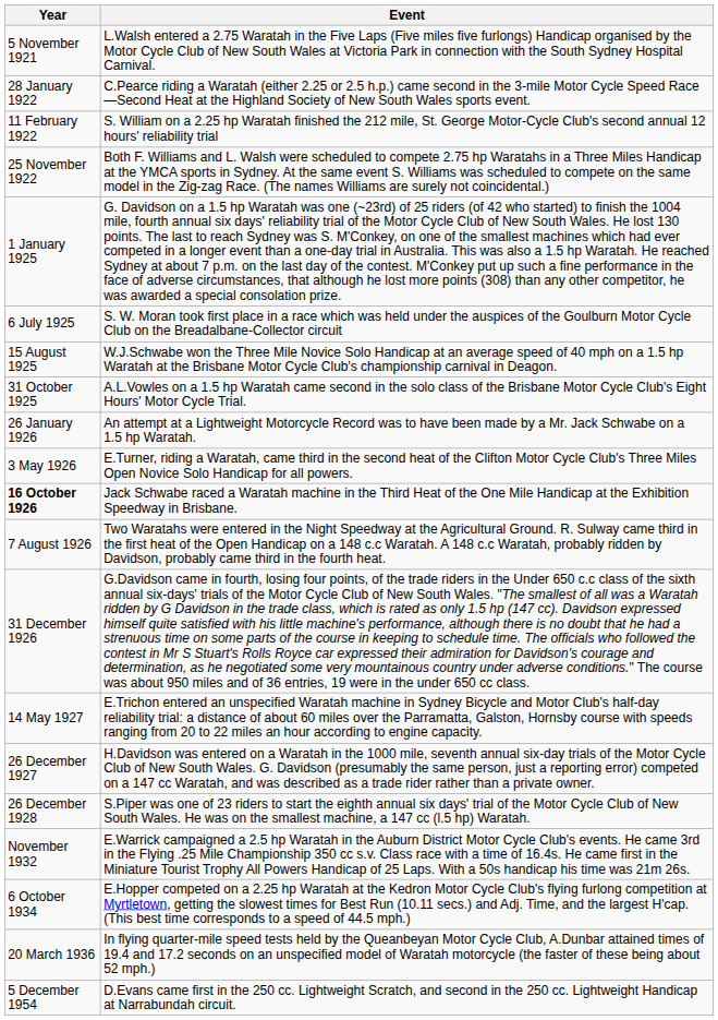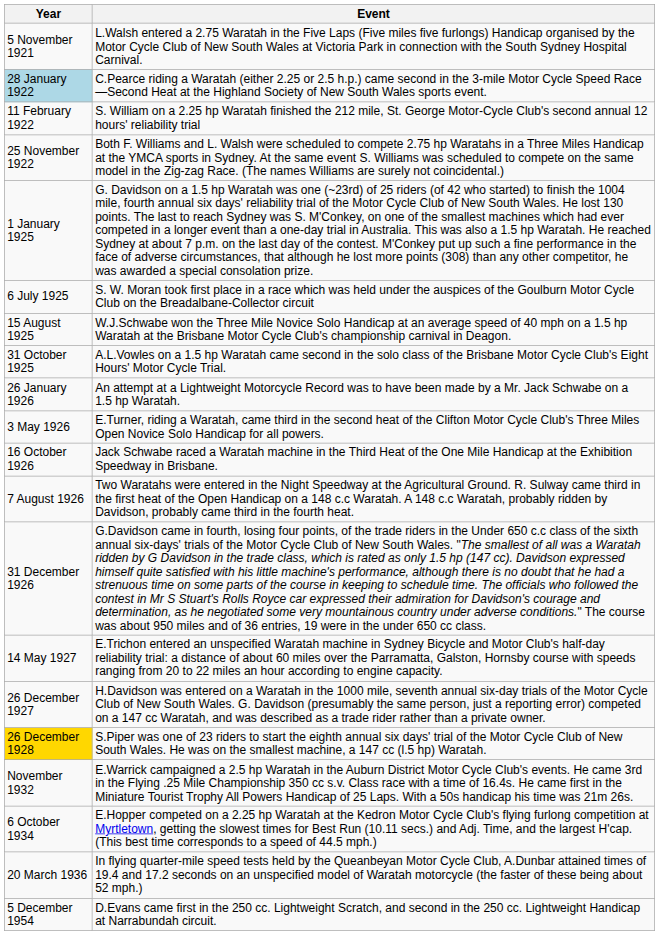 <table class="wikitable" border="1">
 <tr>
 <th scope="col" width="110">Year</th>
 <th>Event</th>
 </tr>
 <tr>
 <td>5 November 1921</td>
 <td>L.Walsh entered a 2.75 Waratah in the Five Laps (Five miles five furlongs) Handicap organised by the Motor Cycle Club of New South Wales at Victoria Park in connection with the South Sydney Hospital Carnival.</td>
 </tr>
 <tr>
-<td>28 January 1922</td>
+<td style="background: lightblue;">28 January 1922</td>
 <td>C.Pearce riding a Waratah (either 2.25 or 2.5 h.p.) came second in the 3-mile Motor Cycle Speed Race—Second Heat at the Highland Society of New South Wales sports event.</td>
 </tr>
 <tr>
 <td>11 February 1922</td>
 <td>S. William on a 2.25 hp Waratah finished the 212 mile, St. George Motor-Cycle Club's second annual 12 hours' reliability trial</td>
 </tr>
 <tr>
 <td>25 November 1922</td>
 <td>Both F. Williams and L. Walsh were scheduled to compete 2.75 hp Waratahs in a Three Miles Handicap at the YMCA sports in Sydney. At the same event S. Williams was scheduled to compete on the same model in the Zig-zag Race. (The names Williams are surely not coincidental.)</td>
 </tr>
 <tr>
 <td>1 January 1925</td>
 <td>G. Davidson on a 1.5 hp Waratah was one (~23rd) of 25 riders (of 42 who started) to finish the 1004 mile, fourth annual six days' reliability trial of the Motor Cycle Club of New South Wales. He lost 130 points. The last to reach Sydney was S. M'Conkey, on one of the smallest machines which had ever competed in a longer event than a one-day trial in Australia. This was also a 1.5 hp Waratah. He reached Sydney at about 7 p.m. on the last day of the contest. M'Conkey put up such a fine performance in the face of adverse circumstances, that although he lost more points (308) than any other competitor, he was awarded a special consolation prize.</td>
 </tr>
 <tr>
 <td>6 July 1925</td>
 <td>S. W. Moran took first place in a race which was held under the auspices of the Goulburn Motor Cycle Club on the Breadalbane-Collector circuit</td>
 </tr>
 <tr>
 <td>15 August 1925</td>
 <td>W.J.Schwabe won the Three Mile Novice Solo Handicap at an average speed of 40 mph on a 1.5 hp Waratah at the Brisbane Motor Cycle Club's championship carnival in Deagon.</td>
 </tr>
 <tr>
 <td>31 October 1925</td>
 <td>A.L.Vowles on a 1.5 hp Waratah came second in the solo class of the Brisbane Motor Cycle Club's Eight Hours' Motor Cycle Trial.</td>
 </tr>
 <tr>
 <td>26 January 1926</td>
 <td>An attempt at a Lightweight Motorcycle Record was to have been made by a Mr. Jack Schwabe on a 1.5 hp Waratah.</td>
 </tr>
 <tr>
 <td>3 May 1926</td>
 <td>E.Turner, riding a Waratah, came third in the second heat of the Clifton Motor Cycle Club's Three Miles Open Novice Solo Handicap for all powers.</td>
 </tr>
 <tr>
-<td><strong>16 October 1926</strong></td>
+<td>16 October 1926</td>
 <td>Jack Schwabe raced a Waratah machine in the Third Heat of the One Mile Handicap at the Exhibition Speedway in Brisbane.</td>
 </tr>
 <tr>
 <td>7 August 1926</td>
 <td>Two Waratahs were entered in the Night Speedway at the Agricultural Ground. R. Sulway came third in the first heat of the Open Handicap on a 148 c.c Waratah. A 148 c.c Waratah, probably ridden by Davidson, probably came third in the fourth heat.</td>
 </tr>
 <tr>
 <td>31 December 1926</td>
 <td>G.Davidson came in fourth, losing four points, of the trade riders in the Under 650 c.c class of the sixth annual six-days' trials of the Motor Cycle Club of New South Wales. "<em>The smallest of all was a Waratah ridden by G Davidson in the trade class, which is rated as only 1.5 hp (147 cc). Davidson expressed himself quite satisfied with his little machine's performance, although there is no doubt that he had a strenuous time on some parts of the course in keeping to schedule time. The officials who followed the contest in Mr S Stuart's Rolls Royce car expressed their admiration for Davidson's courage and determination, as he negotiated some very mountainous country under adverse conditions.</em>" The course was about 950 miles and of 36 entries, 19 were in the under 650 cc class.</td>
 </tr>
 <tr>
 <td>14 May 1927</td>
 <td>E.Trichon entered an unspecified Waratah machine in Sydney Bicycle and Motor Club's half-day reliability trial: a distance of about 60 miles over the Parramatta, Galston, Hornsby course with speeds ranging from 20 to 22 miles an hour according to engine capacity.</td>
 </tr>
 <tr>
 <td>26 December 1927</td>
 <td>H.Davidson was entered on a Waratah in the 1000 mile, seventh annual six-day trials of the Motor Cycle Club of New South Wales. G. Davidson (presumably the same person, just a reporting error) competed on a 147 cc Waratah, and was described as a trade rider rather than a private owner.</td>
 </tr>
 <tr>
-<td>26 December 1928</td>
+<td style="background: gold;">26 December 1928</td>
 <td>S.Piper was one of 23 riders to start the eighth annual six days' trial of the Motor Cycle Club of New South Wales. He was on the smallest machine, a 147 cc (l.5 hp) Waratah.</td>
 </tr>
 <tr>
 <td>November 1932</td>
 <td>E.Warrick campaigned a 2.5 hp Waratah in the Auburn District Motor Cycle Club's events. He came 3rd in the Flying .25 Mile Championship 350 cc s.v. Class race with a time of 16.4s. He came first in the Miniature Tourist Trophy All Powers Handicap of 25 Laps. With a 50s handicap his time was 21m 26s.</td>
 </tr>
 <tr>
 <td>6 October 1934</td>
 <td>E.Hopper competed on a 2.25 hp Waratah at the Kedron Motor Cycle Club's flying furlong competition at <a href='#'>Myrtletown</a>, getting the slowest times for Best Run (10.11 secs.) and Adj. Time, and the largest H'cap. (This best time corresponds to a speed of 44.5 mph.)</td>
 </tr>
 <tr>
 <td>20 March 1936</td>
 <td>In flying quarter-mile speed tests held by the Queanbeyan Motor Cycle Club, A.Dunbar attained times of 19.4 and 17.2 seconds on an unspecified model of Waratah motorcycle (the faster of these being about 52 mph.)</td>
 </tr>
 <tr>
 <td>5 December 1954</td>
 <td>D.Evans came first in the 250 cc. Lightweight Scratch, and second in the 250 cc. Lightweight Handicap at Narrabundah circuit.</td>
 </tr>
 </table>
